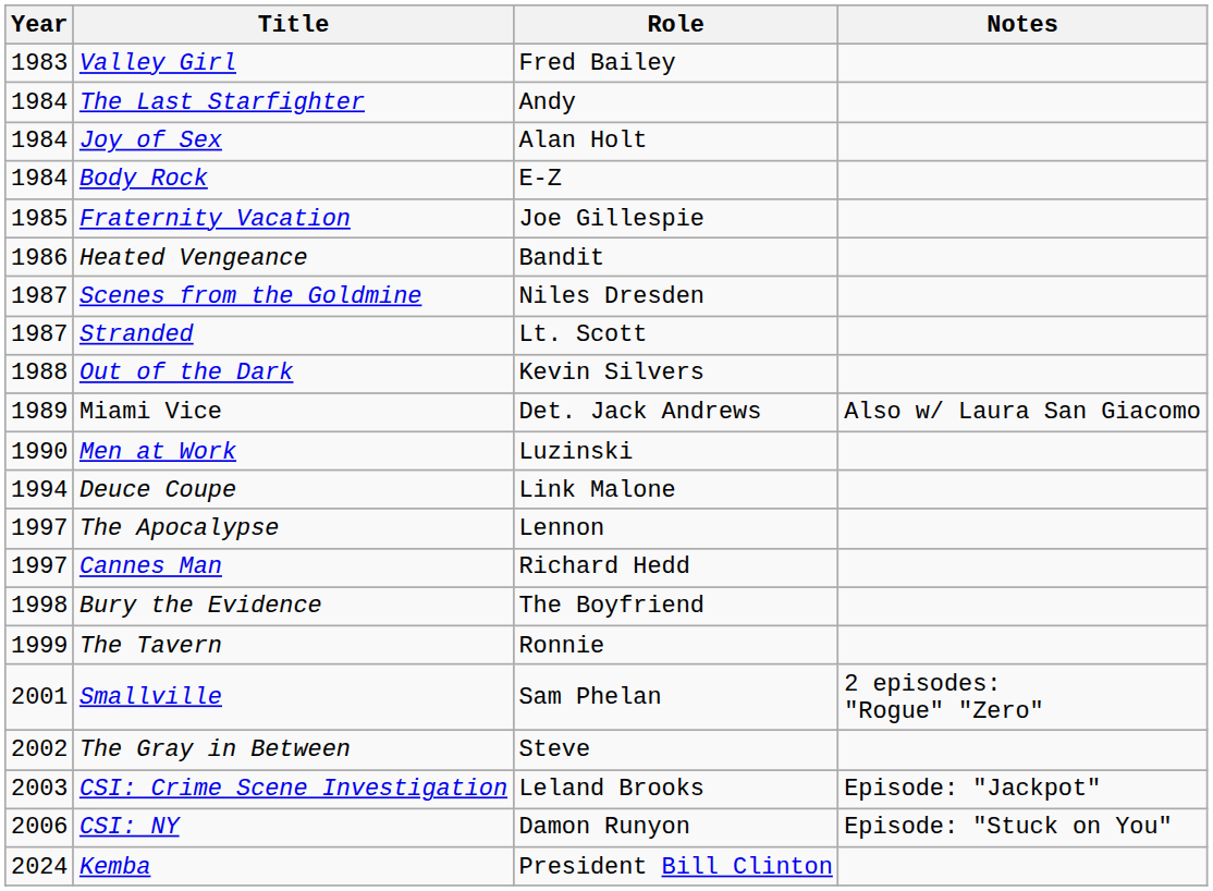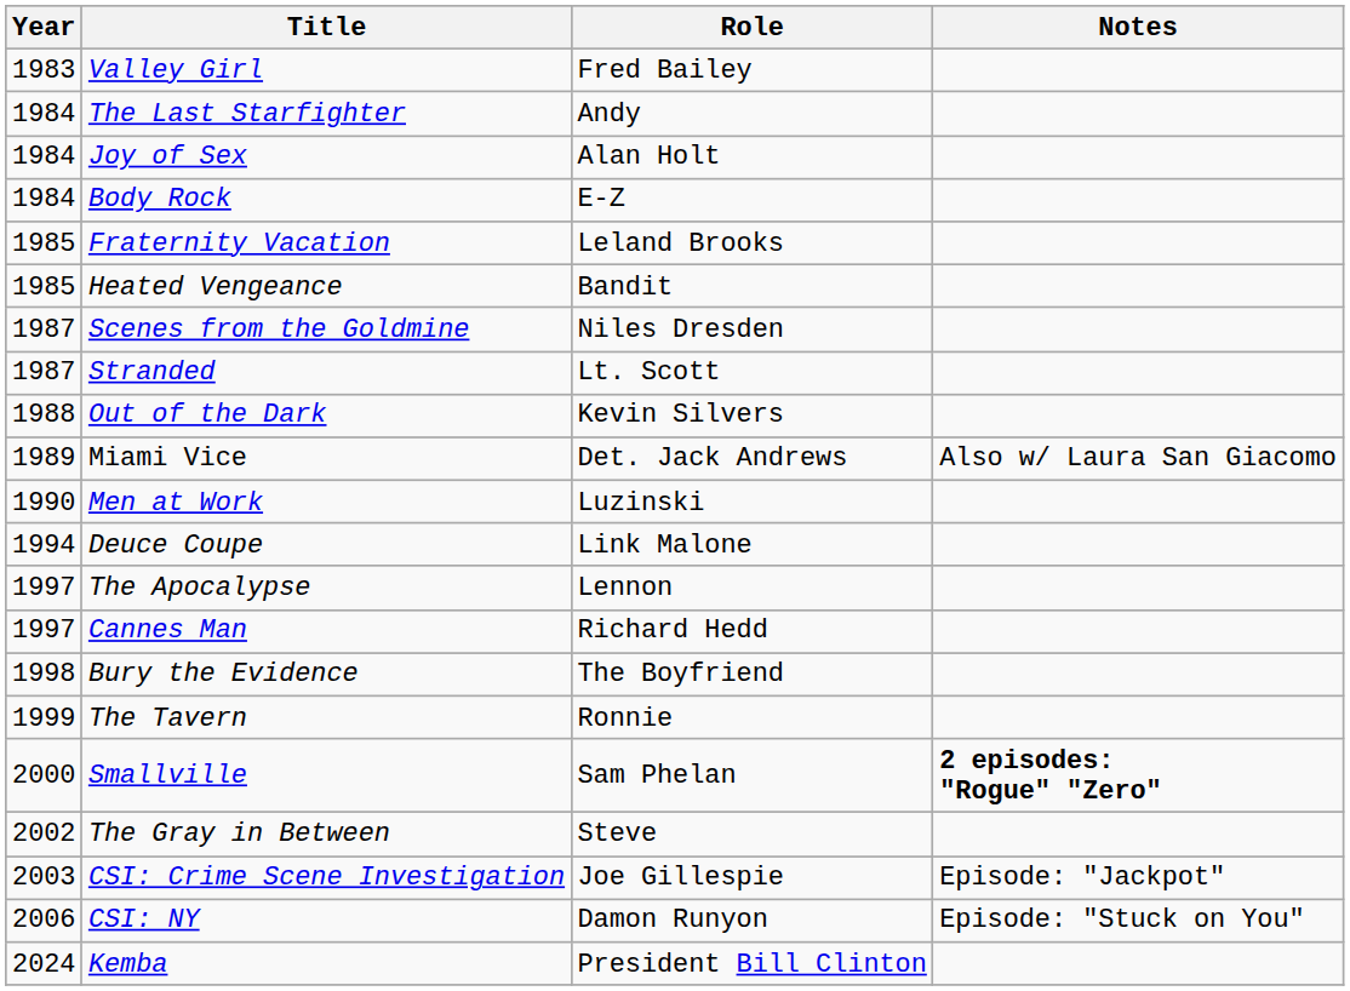 <table class="wikitable">
 <tr>
 <th>Year</th>
 <th>Title</th>
 <th>Role</th>
 <th>Notes</th>
 </tr>
 <tr>
 <td>1983</td>
 <td><em><a href='#'>Valley Girl</a></em></td>
 <td>Fred Bailey</td>
 <td></td>
 </tr>
 <tr>
 <td>1984</td>
 <td><em><a href='#'>The Last Starfighter</a></em></td>
 <td>Andy</td>
 <td></td>
 </tr>
 <tr>
 <td>1984</td>
 <td><em><a href='#'>Joy of Sex</a></em></td>
 <td>Alan Holt</td>
 <td></td>
 </tr>
 <tr>
 <td>1984</td>
 <td><em><a href='#'>Body Rock</a></em></td>
 <td>E-Z</td>
 <td></td>
 </tr>
 <tr>
 <td>1985</td>
 <td><em><a href='#'>Fraternity Vacation</a></em></td>
-<td>Joe Gillespie</td>
+<td>Leland Brooks</td>
 <td></td>
 </tr>
 <tr>
-<td>1986</td>
+<td>1985</td>
 <td><em>Heated Vengeance</em></td>
 <td>Bandit</td>
 <td></td>
 </tr>
 <tr>
 <td>1987</td>
 <td><em><a href='#'>Scenes from the Goldmine</a></em></td>
 <td>Niles Dresden</td>
 <td></td>
 </tr>
 <tr>
 <td>1987</td>
 <td><em><a href='#'>Stranded</a></em></td>
 <td>Lt. Scott</td>
 <td></td>
 </tr>
 <tr>
 <td>1988</td>
 <td><em><a href='#'>Out of the Dark</a></em></td>
 <td>Kevin Silvers</td>
 <td></td>
 </tr>
 <tr>
 <td>1989</td>
 <td>Miami Vice</td>
 <td>Det. Jack Andrews</td>
 <td>Also w/ Laura San Giacomo</td>
 </tr>
 <tr>
 <td>1990</td>
 <td><em><a href='#'>Men at Work</a></em></td>
 <td>Luzinski</td>
 <td></td>
 </tr>
 <tr>
 <td>1994</td>
 <td><em>Deuce Coupe</em></td>
 <td>Link Malone</td>
 <td></td>
 </tr>
 <tr>
 <td>1997</td>
 <td><em>The Apocalypse</em></td>
 <td>Lennon</td>
 <td></td>
 </tr>
 <tr>
 <td>1997</td>
 <td><em><a href='#'>Cannes Man</a></em></td>
 <td>Richard Hedd</td>
 <td></td>
 </tr>
 <tr>
 <td>1998</td>
 <td><em>Bury the Evidence</em></td>
 <td>The Boyfriend</td>
 <td></td>
 </tr>
 <tr>
 <td>1999</td>
 <td><em>The Tavern</em></td>
 <td>Ronnie</td>
 <td></td>
 </tr>
 <tr>
-<td>2001</td>
+<td>2000</td>
 <td><em><a href='#'>Smallville</a></em></td>
 <td>Sam Phelan</td>
-<td>2 episodes:<br>"Rogue" "Zero"</td>
+<td><strong>2 episodes:<br>"Rogue" "Zero"</strong></td>
 </tr>
 <tr>
 <td>2002</td>
 <td><em>The Gray in Between</em></td>
 <td>Steve</td>
 <td></td>
 </tr>
 <tr>
 <td>2003</td>
 <td><em><a href='#'>CSI: Crime Scene Investigation</a></em></td>
-<td>Leland Brooks</td>
+<td>Joe Gillespie</td>
 <td>Episode: "Jackpot"</td>
 </tr>
 <tr>
 <td>2006</td>
 <td><em><a href='#'>CSI: NY</a></em></td>
 <td>Damon Runyon</td>
 <td>Episode: "Stuck on You"</td>
 </tr>
 <tr>
 <td>2024</td>
 <td><em><a href='#'>Kemba</a></em></td>
 <td>President <a href='#'>Bill Clinton</a></td>
 <td></td>
 </tr>
 </table>
